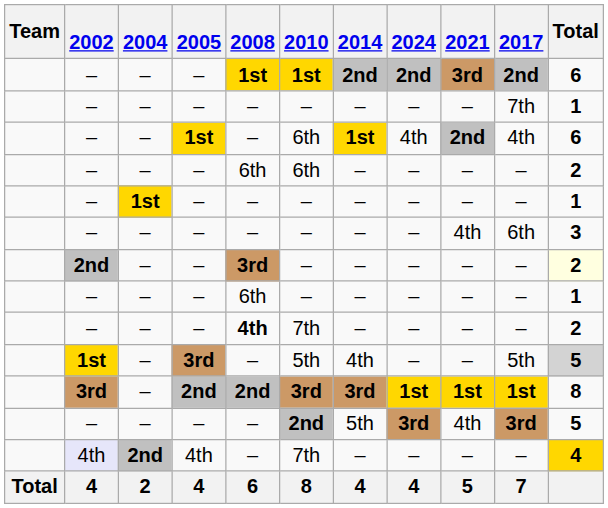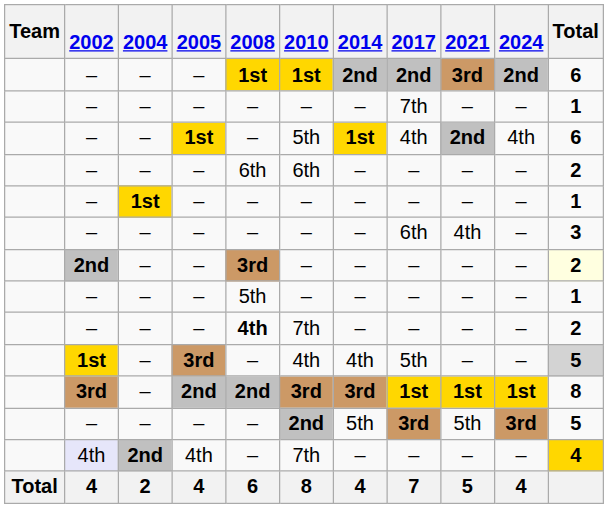 <table class="wikitable " style="text-align:center">
 <tr>
 <th>Team</th>
 <th><br><a href='#'>2002</a></th>
 <th><br><a href='#'>2004</a></th>
 <th><br><a href='#'>2005</a></th>
 <th><br><a href='#'>2008</a></th>
 <th><br><a href='#'>2010</a></th>
 <th><br><a href='#'>2014</a></th>
+<th><br><a href='#'>2017</a></th>
+<th><br><a href='#'>2021</a></th>
 <th><br><a href='#'>2024</a></th>
-<th><br><a href='#'>2021</a></th>
-<th><br><a href='#'>2017</a></th>
 <th>Total</th>
 </tr>
 <tr>
 <td align=left></td>
 <td>–</td>
 <td>–</td>
 <td>–</td>
 <td bgcolor=gold><strong>1st</strong></td>
 <td bgcolor=gold><strong>1st</strong></td>
 <td bgcolor=silver><strong>2nd</strong></td>
 <td bgcolor=silver><strong>2nd</strong></td>
 <td bgcolor=cc9966><strong>3rd</strong></td>
 <td bgcolor=silver><strong>2nd</strong></td>
 <td><strong>6</strong></td>
 </tr>
 <tr>
 <td align=left></td>
 <td>–</td>
 <td>–</td>
 <td>–</td>
 <td>–</td>
 <td>–</td>
 <td>–</td>
+<td>7th</td>
 <td>–</td>
 <td>–</td>
-<td>7th</td>
 <td><strong>1</strong></td>
 </tr>
 <tr>
 <td align=left></td>
 <td>–</td>
 <td>–</td>
 <td bgcolor=gold><strong>1st</strong></td>
 <td>–</td>
-<td>6th</td>
+<td>5th</td>
 <td bgcolor=gold><strong>1st</strong></td>
 <td>4th</td>
 <td bgcolor=silver><strong>2nd</strong></td>
 <td>4th</td>
 <td><strong>6</strong></td>
 </tr>
 <tr>
 <td align=left></td>
 <td>–</td>
 <td>–</td>
 <td>–</td>
 <td>6th</td>
 <td>6th</td>
 <td>–</td>
 <td>–</td>
 <td>–</td>
 <td>–</td>
 <td><strong>2</strong></td>
 </tr>
 <tr>
 <td align=left></td>
 <td>–</td>
 <td bgcolor=gold><strong>1st</strong></td>
 <td>–</td>
 <td>–</td>
 <td>–</td>
 <td>–</td>
 <td>–</td>
 <td>–</td>
 <td>–</td>
 <td><strong>1</strong></td>
 </tr>
 <tr>
 <td align=left></td>
 <td>–</td>
 <td>–</td>
 <td>–</td>
 <td>–</td>
 <td>–</td>
 <td>–</td>
+<td>6th</td>
+<td>4th</td>
 <td>–</td>
-<td>4th</td>
-<td>6th</td>
 <td><strong>3</strong></td>
 </tr>
 <tr>
 <td align=left></td>
 <td bgcolor=silver><strong>2nd</strong></td>
 <td>–</td>
 <td>–</td>
 <td bgcolor=cc9966><strong>3rd</strong></td>
 <td>–</td>
 <td>–</td>
 <td>–</td>
 <td>–</td>
 <td>–</td>
 <td style="background: lightyellow;"><strong>2</strong></td>
 </tr>
 <tr>
 <td align=left></td>
 <td>–</td>
 <td>–</td>
 <td>–</td>
-<td>6th</td>
+<td>5th</td>
 <td>–</td>
 <td>–</td>
 <td>–</td>
 <td>–</td>
 <td>–</td>
 <td><strong>1</strong></td>
 </tr>
 <tr>
 <td align=left></td>
 <td>–</td>
 <td>–</td>
 <td>–</td>
 <td><strong>4th</strong></td>
 <td>7th</td>
 <td>–</td>
 <td>–</td>
 <td>–</td>
 <td>–</td>
 <td><strong>2</strong></td>
 </tr>
 <tr>
 <td align=left></td>
 <td bgcolor=gold><strong>1st</strong></td>
 <td>–</td>
 <td bgcolor=cc9966><strong>3rd</strong></td>
 <td>–</td>
+<td>4th</td>
+<td>4th</td>
 <td>5th</td>
-<td>4th</td>
 <td>–</td>
 <td>–</td>
-<td>5th</td>
 <td style="background: lightgrey;"><strong>5</strong></td>
 </tr>
 <tr>
 <td align=left></td>
 <td bgcolor=cc9966><strong>3rd</strong></td>
 <td>–</td>
 <td bgcolor=silver><strong>2nd</strong></td>
 <td bgcolor=silver><strong>2nd</strong></td>
 <td bgcolor=cc9966><strong>3rd</strong></td>
 <td bgcolor=cc9966><strong>3rd</strong></td>
 <td bgcolor=gold><strong>1st</strong></td>
 <td bgcolor=gold><strong>1st</strong></td>
 <td bgcolor=gold><strong>1st</strong></td>
 <td><strong>8</strong></td>
 </tr>
 <tr>
 <td align=left></td>
 <td>–</td>
 <td>–</td>
 <td>–</td>
 <td>–</td>
 <td bgcolor=silver><strong>2nd</strong></td>
 <td>5th</td>
 <td bgcolor=cc9966><strong>3rd</strong></td>
-<td>4th</td>
+<td>5th</td>
 <td bgcolor=cc9966><strong>3rd</strong></td>
 <td><strong>5</strong></td>
 </tr>
 <tr>
 <td align=left></td>
 <td style="background: lavender;">4th</td>
 <td bgcolor=silver><strong>2nd</strong></td>
 <td>4th</td>
 <td>–</td>
 <td>7th</td>
 <td>–</td>
 <td>–</td>
 <td>–</td>
 <td>–</td>
 <td style="background: gold;"><strong>4</strong></td>
 </tr>
 <tr>
 <th>Total</th>
 <th>4</th>
 <th>2</th>
 <th>4</th>
 <th>6</th>
 <th>8</th>
 <th>4</th>
+<th>7</th>
+<th>5</th>
 <th>4</th>
-<th>5</th>
-<th>7</th>
 <th></th>
 </tr>
 </table>
